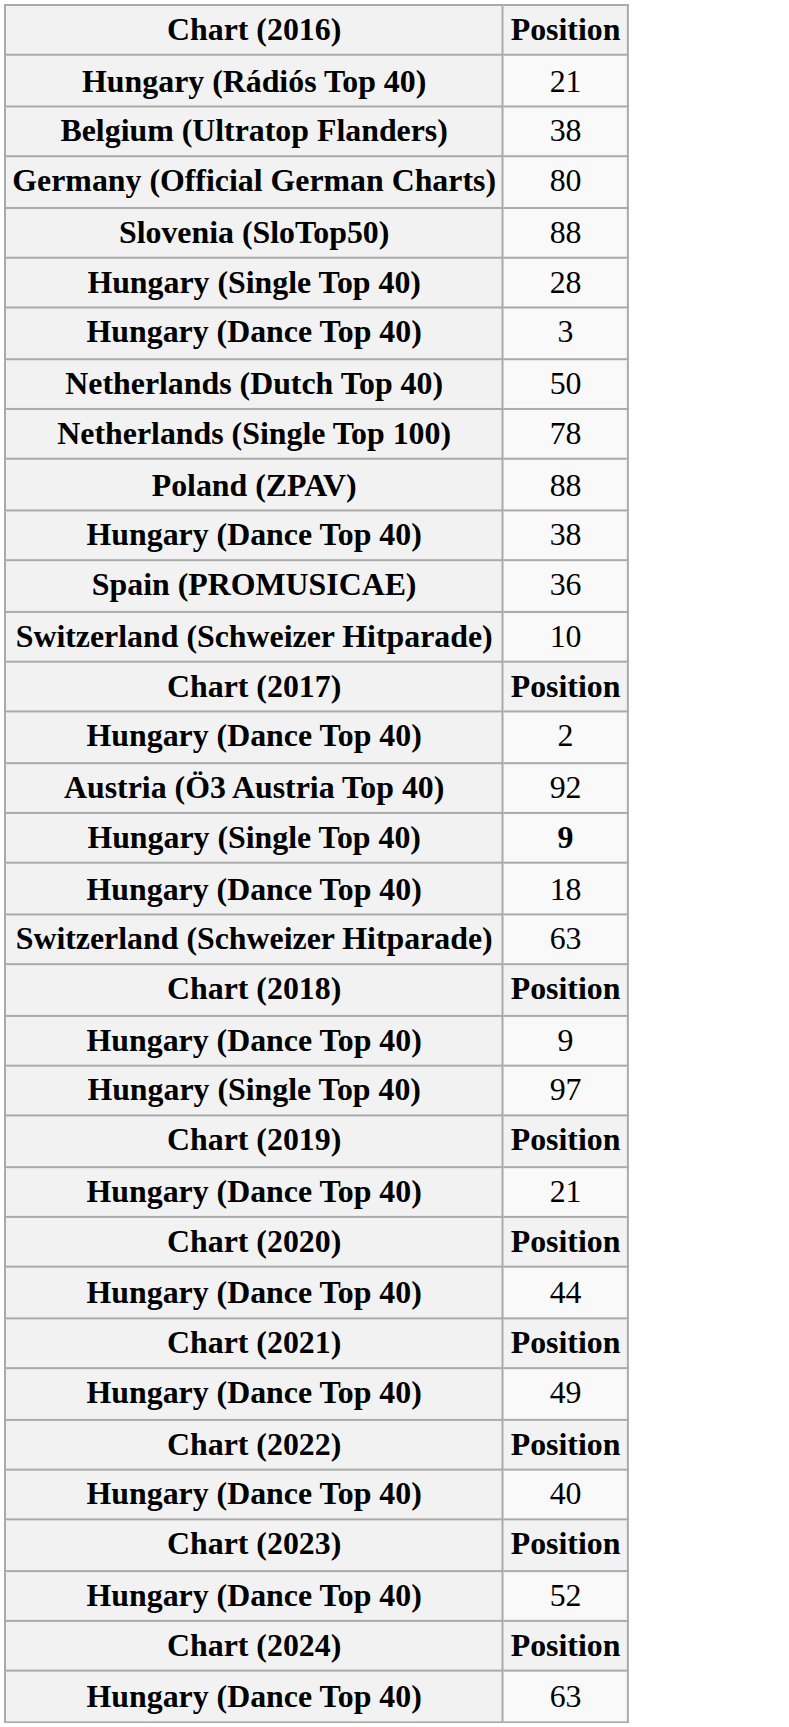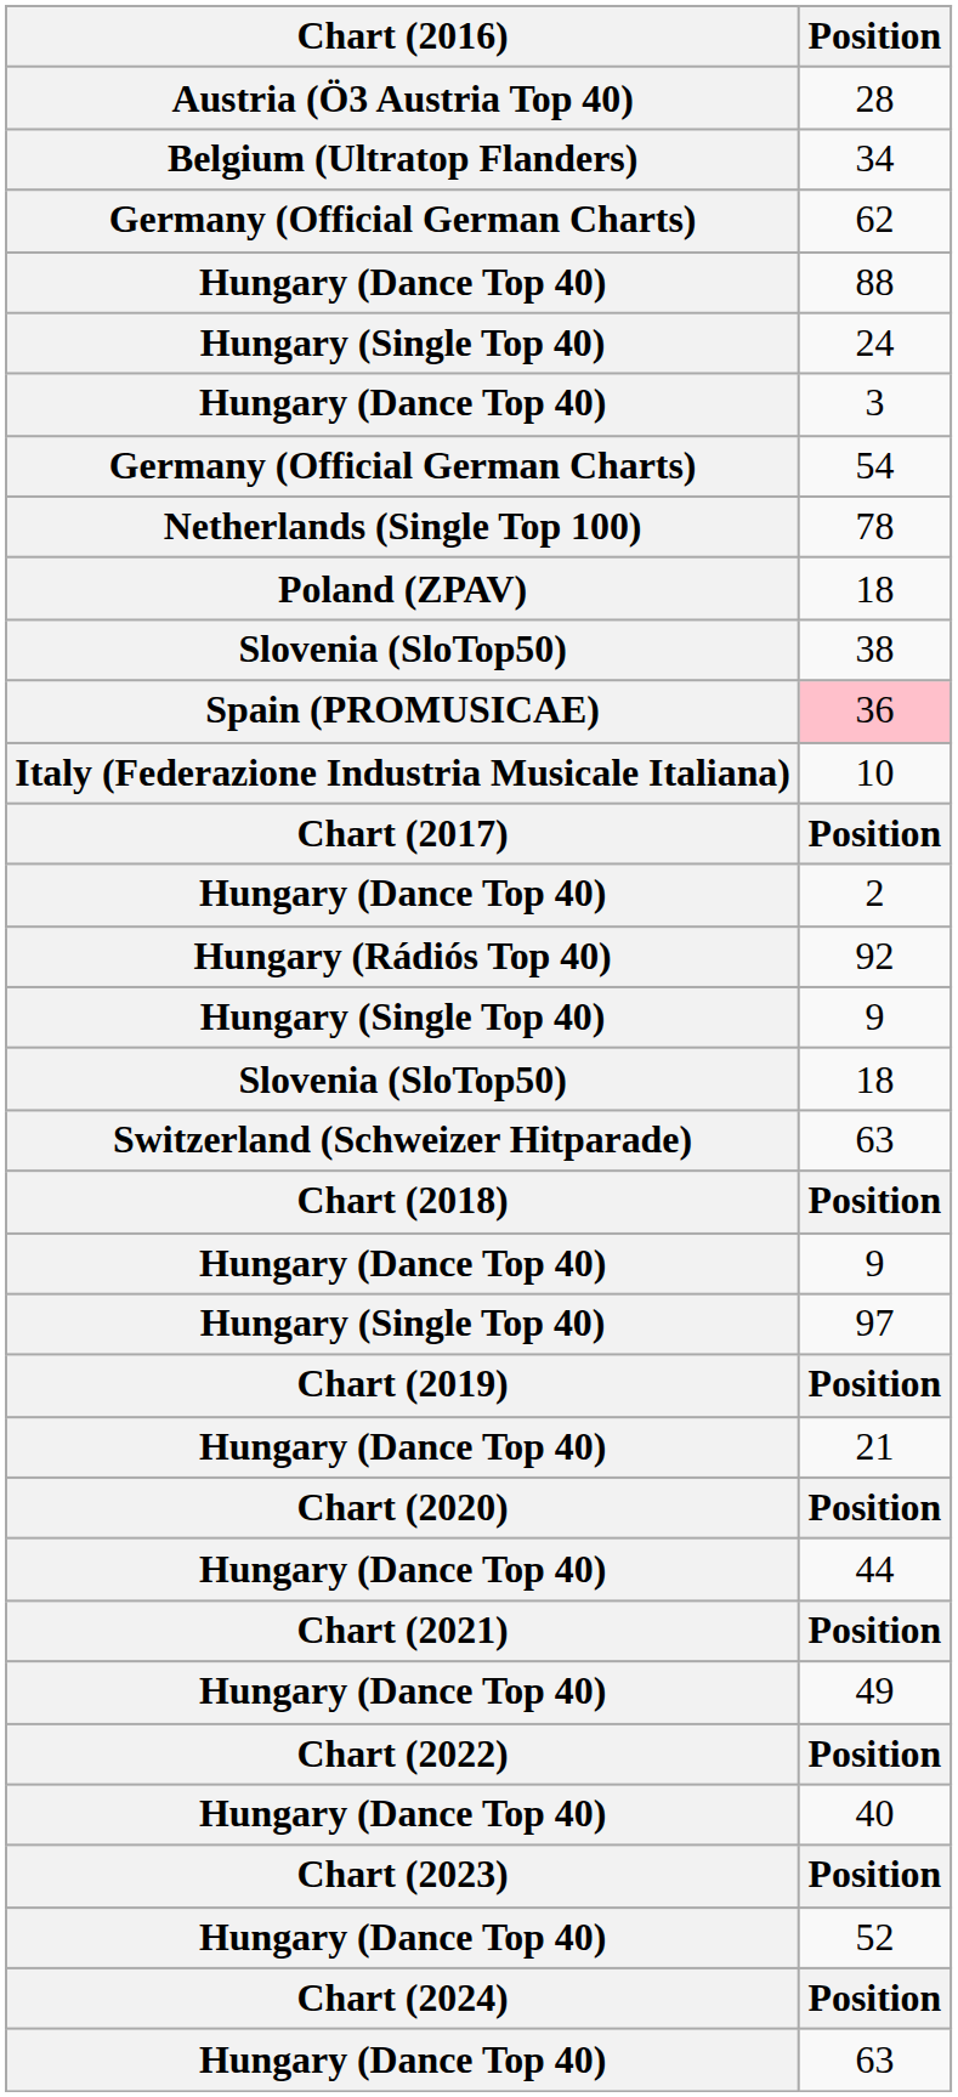 <table class="wikitable sortable plainrowheaders" style="text-align:center">
 <tr>
 <th scope="col">Chart (2016)</th>
 <th scope="col">Position</th>
 </tr>
 <tr>
-<th scope="row">Hungary (Rádiós Top 40)</th>
-<td>21</td>
+<th scope="row">Austria (Ö3 Austria Top 40)</th>
+<td>28</td>
 </tr>
 <tr>
 <th scope="row">Belgium (Ultratop Flanders)</th>
-<td>38</td>
+<td>34</td>
 </tr>
 <tr>
 <th scope="row">Germany (Official German Charts)</th>
-<td>80</td>
+<td>62</td>
 </tr>
 <tr>
-<th scope="row">Slovenia (SloTop50)</th>
+<th scope="row">Hungary (Dance Top 40)</th>
 <td>88</td>
 </tr>
 <tr>
 <th scope="row">Hungary (Single Top 40)</th>
-<td>28</td>
+<td>24</td>
 </tr>
 <tr>
 <th scope="row">Hungary (Dance Top 40)</th>
 <td>3</td>
 </tr>
 <tr>
-<th scope="row">Netherlands (Dutch Top 40)</th>
-<td>50</td>
+<th scope="row">Germany (Official German Charts)</th>
+<td>54</td>
 </tr>
 <tr>
 <th scope="row">Netherlands (Single Top 100)</th>
 <td>78</td>
 </tr>
 <tr>
 <th scope="row">Poland (ZPAV)</th>
-<td>88</td>
+<td>18</td>
 </tr>
 <tr>
-<th scope="row">Hungary (Dance Top 40)</th>
+<th scope="row">Slovenia (SloTop50)</th>
 <td>38</td>
 </tr>
 <tr>
 <th scope="row">Spain (PROMUSICAE)</th>
-<td>36</td>
+<td style="background: pink;">36</td>
 </tr>
 <tr>
-<th scope="row">Switzerland (Schweizer Hitparade)</th>
+<th scope="row">Italy (Federazione Industria Musicale Italiana)</th>
 <td>10</td>
 </tr>
 <tr>
 <th scope="col">Chart (2017)</th>
 <th scope="col">Position</th>
 </tr>
 <tr>
 <th scope="row">Hungary (Dance Top 40)</th>
 <td>2</td>
 </tr>
 <tr>
-<th scope="row">Austria (Ö3 Austria Top 40)</th>
+<th scope="row">Hungary (Rádiós Top 40)</th>
 <td>92</td>
 </tr>
 <tr>
 <th scope="row">Hungary (Single Top 40)</th>
-<td><strong>9</strong></td>
+<td>9</td>
 </tr>
 <tr>
-<th scope="row">Hungary (Dance Top 40)</th>
+<th scope="row">Slovenia (SloTop50)</th>
 <td>18</td>
 </tr>
 <tr>
 <th scope="row">Switzerland (Schweizer Hitparade)</th>
 <td>63</td>
 </tr>
 <tr>
 <th scope="col">Chart (2018)</th>
 <th scope="col">Position</th>
 </tr>
 <tr>
 <th scope="row">Hungary (Dance Top 40)</th>
 <td>9</td>
 </tr>
 <tr>
 <th scope="row">Hungary (Single Top 40)</th>
 <td>97</td>
 </tr>
 <tr>
 <th scope="col">Chart (2019)</th>
 <th scope="col">Position</th>
 </tr>
 <tr>
 <th scope="row">Hungary (Dance Top 40)</th>
 <td>21</td>
 </tr>
 <tr>
 <th scope="col">Chart (2020)</th>
 <th scope="col">Position</th>
 </tr>
 <tr>
 <th scope="row">Hungary (Dance Top 40)</th>
 <td>44</td>
 </tr>
 <tr>
 <th scope="col">Chart (2021)</th>
 <th scope="col">Position</th>
 </tr>
 <tr>
 <th scope="row">Hungary (Dance Top 40)</th>
 <td>49</td>
 </tr>
 <tr>
 <th scope="col">Chart (2022)</th>
 <th scope="col">Position</th>
 </tr>
 <tr>
 <th scope="row">Hungary (Dance Top 40)</th>
 <td>40</td>
 </tr>
 <tr>
 <th scope="col">Chart (2023)</th>
 <th scope="col">Position</th>
 </tr>
 <tr>
 <th scope="row">Hungary (Dance Top 40)</th>
 <td>52</td>
 </tr>
 <tr>
 <th scope="col">Chart (2024)</th>
 <th scope="col">Position</th>
 </tr>
 <tr>
 <th scope="row">Hungary (Dance Top 40)</th>
 <td>63</td>
 </tr>
 </table>
